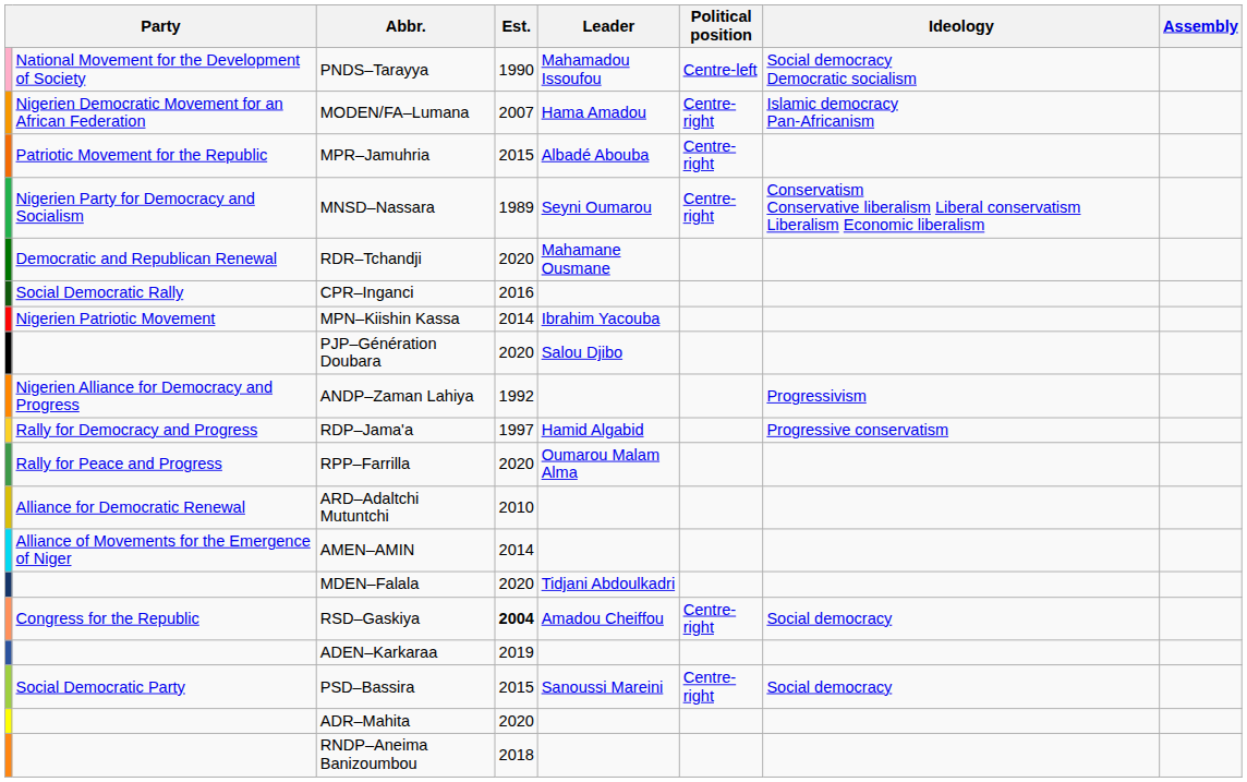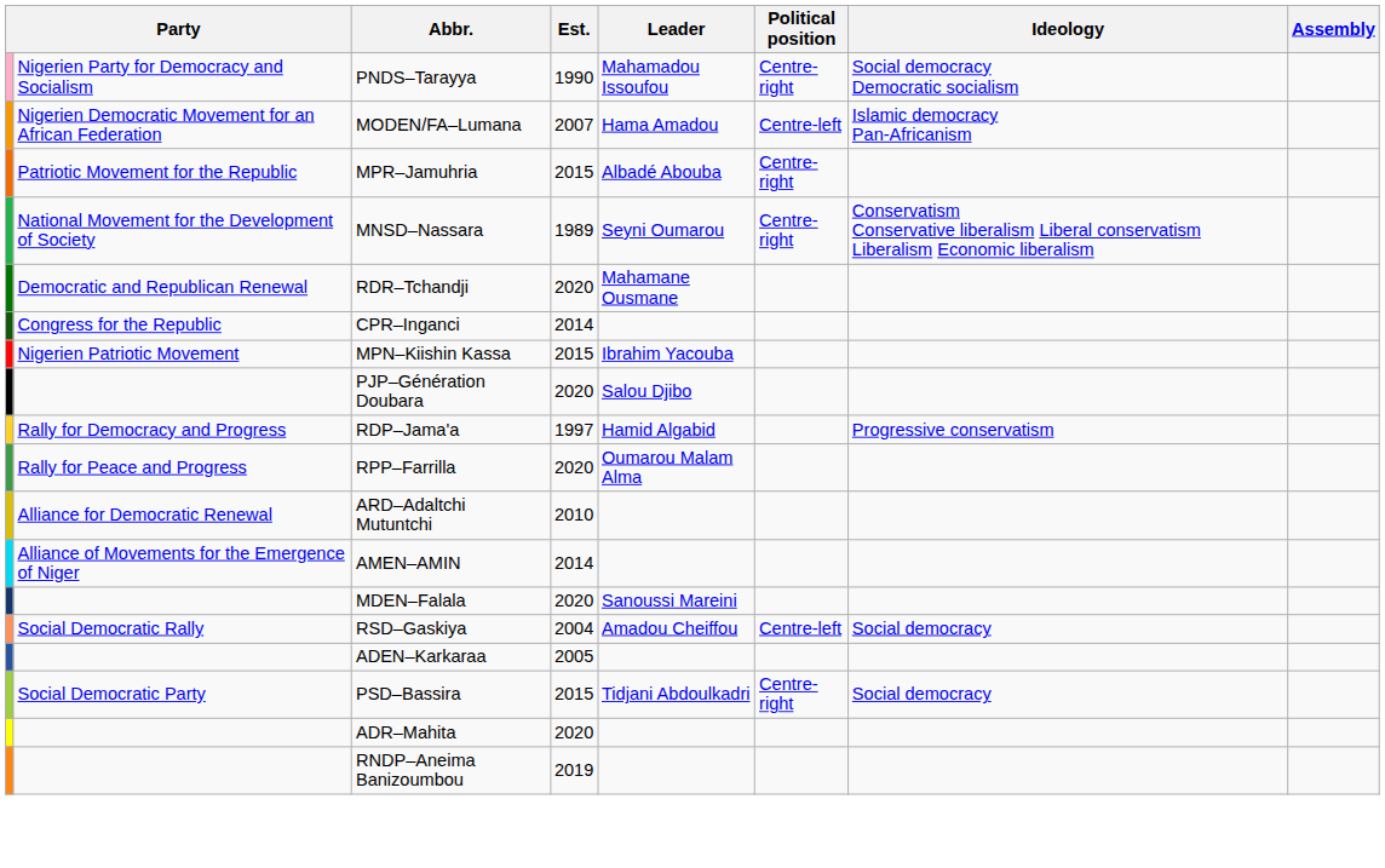 <table class="wikitable">
 <tr>
 <th colspan=2>Party</th>
 <th>Abbr.</th>
 <th>Est.</th>
 <th>Leader</th>
 <th>Political<br>position</th>
 <th>Ideology</th>
 <th><a href='#'>Assembly</a></th>
 </tr>
 <tr>
 <td bgcolor=#FFAEC9></td>
-<td><a href='#'>National Movement for the Development of Society</a><br><small></small></td>
+<td><a href='#'>Nigerien Party for Democracy and Socialism</a><br><small></small></td>
 <td>PNDS–Tarayya</td>
 <td>1990</td>
 <td><a href='#'>Mahamadou Issoufou</a></td>
-<td><a href='#'>Centre-left</a></td>
+<td><a href='#'>Centre-right</a></td>
 <td><a href='#'>Social democracy</a><br><a href='#'>Democratic socialism</a></td>
 <td></td>
 </tr>
 <tr>
 <td bgcolor=#F79800></td>
 <td><a href='#'>Nigerien Democratic Movement for an African Federation</a><br><small></small></td>
 <td>MODEN/FA–Lumana</td>
 <td>2007</td>
 <td><a href='#'>Hama Amadou</a></td>
-<td><a href='#'>Centre-right</a></td>
+<td><a href='#'>Centre-left</a></td>
 <td><a href='#'>Islamic democracy</a><br><a href='#'>Pan-Africanism</a></td>
 <td></td>
 </tr>
 <tr>
 <td bgcolor=#F36B05></td>
 <td><a href='#'>Patriotic Movement for the Republic</a><br><small></small></td>
 <td>MPR–Jamuhria</td>
 <td>2015</td>
 <td><a href='#'>Albadé Abouba</a></td>
 <td><a href='#'>Centre-right</a></td>
 <td></td>
 <td></td>
 </tr>
 <tr>
 <td bgcolor=#22B14C></td>
-<td><a href='#'>Nigerien Party for Democracy and Socialism</a><br><small></small></td>
+<td><a href='#'>National Movement for the Development of Society</a><br><small></small></td>
 <td>MNSD–Nassara</td>
 <td>1989</td>
 <td><a href='#'>Seyni Oumarou</a></td>
 <td><a href='#'>Centre-right</a></td>
 <td><a href='#'>Conservatism</a><br><a href='#'>Conservative liberalism</a> <a href='#'>Liberal conservatism</a> <a href='#'>Liberalism</a> <a href='#'>Economic liberalism</a></td>
 <td></td>
 </tr>
 <tr>
 <td bgcolor=#007500></td>
 <td><a href='#'>Democratic and Republican Renewal</a><br><small></small></td>
 <td>RDR–Tchandji</td>
 <td>2020</td>
 <td><a href='#'>Mahamane Ousmane</a></td>
 <td></td>
 <td></td>
 <td></td>
 </tr>
 <tr>
 <td bgcolor=#11580C></td>
-<td><a href='#'>Social Democratic Rally</a><br><small></small></td>
+<td><a href='#'>Congress for the Republic</a><br><small></small></td>
 <td>CPR–Inganci</td>
-<td>2016</td>
+<td>2014</td>
 <td></td>
 <td></td>
 <td></td>
 <td></td>
 </tr>
 <tr>
 <td bgcolor=#FD0405></td>
 <td><a href='#'>Nigerien Patriotic Movement</a><br><small></small></td>
 <td>MPN–Kiishin Kassa</td>
-<td>2014</td>
+<td>2015</td>
 <td><a href='#'>Ibrahim Yacouba</a></td>
 <td></td>
 <td></td>
 <td></td>
 </tr>
 <tr>
 <td bgcolor=#000000></td>
 <td><br><small></small></td>
 <td>PJP–Génération Doubara</td>
 <td>2020</td>
 <td><a href='#'>Salou Djibo</a></td>
 <td></td>
 <td></td>
-<td></td>
-</tr>
-<tr>
-<td bgcolor=#FF8600></td>
-<td><a href='#'>Nigerien Alliance for Democracy and Progress</a><br><small></small></td>
-<td>ANDP–Zaman Lahiya</td>
-<td>1992</td>
-<td></td>
-<td></td>
-<td><a href='#'>Progressivism</a></td>
 <td></td>
 </tr>
 <tr>
 <td bgcolor=#FBD127></td>
 <td><a href='#'>Rally for Democracy and Progress</a><br><small></small></td>
 <td>RDP–Jama'a</td>
 <td>1997</td>
 <td><a href='#'>Hamid Algabid</a></td>
 <td></td>
 <td><a href='#'>Progressive conservatism</a></td>
 <td></td>
 </tr>
 <tr>
 <td bgcolor=#3E9949></td>
 <td><a href='#'>Rally for Peace and Progress</a><br><small></small></td>
 <td>RPP–Farrilla</td>
 <td>2020</td>
 <td><a href='#'>Oumarou Malam Alma</a></td>
 <td></td>
 <td></td>
 <td></td>
 </tr>
 <tr>
 <td bgcolor=#D9BF08></td>
 <td><a href='#'>Alliance for Democratic Renewal</a><br><small></small></td>
 <td>ARD–Adaltchi Mutuntchi</td>
 <td>2010</td>
 <td></td>
 <td></td>
 <td></td>
 <td></td>
 </tr>
 <tr>
 <td bgcolor=#01d9f2></td>
 <td><a href='#'>Alliance of Movements for the Emergence of Niger</a><br><small></small></td>
 <td>AMEN–AMIN</td>
 <td>2014</td>
 <td></td>
 <td></td>
 <td></td>
 <td></td>
 </tr>
 <tr>
 <td bgcolor=#153568></td>
 <td><br><small></small></td>
 <td>MDEN–Falala</td>
 <td>2020</td>
-<td><a href='#'>Tidjani Abdoulkadri</a></td>
+<td><a href='#'>Sanoussi Mareini</a></td>
 <td></td>
 <td></td>
 <td></td>
 </tr>
 <tr>
 <td bgcolor=#ff905b></td>
-<td><a href='#'>Congress for the Republic</a><br><small></small></td>
+<td><a href='#'>Social Democratic Rally</a><br><small></small></td>
 <td>RSD–Gaskiya</td>
-<td><strong>2004</strong></td>
+<td>2004</td>
 <td><a href='#'>Amadou Cheiffou</a></td>
-<td><a href='#'>Centre-right</a></td>
+<td><a href='#'>Centre-left</a></td>
 <td><a href='#'>Social democracy</a></td>
 <td></td>
 </tr>
 <tr>
 <td bgcolor=#2C539E></td>
 <td><br><small></small></td>
 <td>ADEN–Karkaraa</td>
-<td>2019</td>
+<td>2005</td>
 <td></td>
 <td></td>
 <td></td>
 <td></td>
 </tr>
 <tr>
 <td bgcolor=#9ECF40></td>
 <td><a href='#'>Social Democratic Party</a><br><small></small></td>
 <td>PSD–Bassira</td>
 <td>2015</td>
-<td><a href='#'>Sanoussi Mareini</a></td>
+<td><a href='#'>Tidjani Abdoulkadri</a></td>
 <td><a href='#'>Centre-right</a></td>
 <td><a href='#'>Social democracy</a></td>
 <td></td>
 </tr>
 <tr>
 <td bgcolor=#FEFF03></td>
 <td><br><small></small></td>
 <td>ADR–Mahita</td>
 <td>2020</td>
 <td></td>
 <td></td>
 <td></td>
 <td></td>
 </tr>
 <tr>
 <td bgcolor=#FF8612></td>
 <td><br><small></small></td>
 <td>RNDP–Aneima Banizoumbou</td>
-<td>2018</td>
+<td>2019</td>
 <td></td>
 <td></td>
 <td></td>
 <td></td>
 </tr>
 </table>
